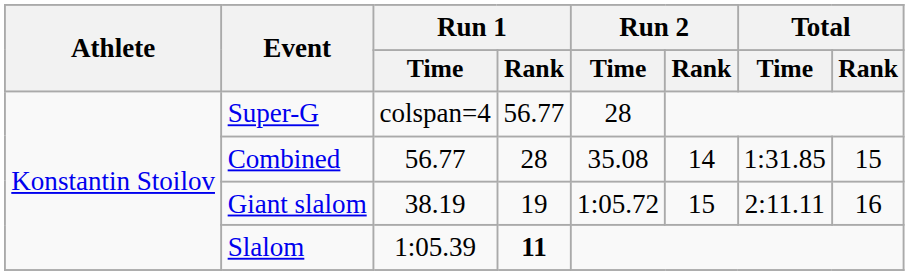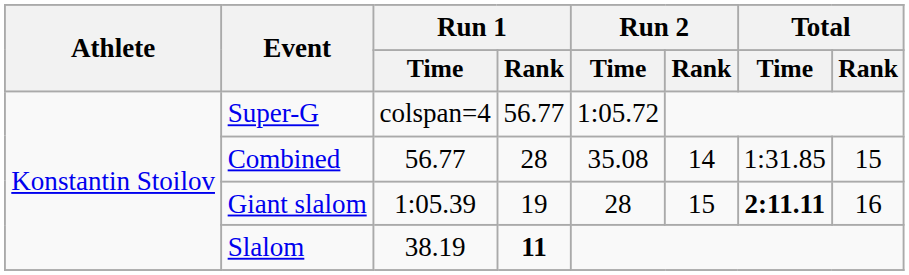 <table class="wikitable" style="font-size:90%">
 <tr>
 <th rowspan=2>Athlete</th>
 <th rowspan=2>Event</th>
 <th colspan=2>Run 1</th>
 <th colspan=2>Run 2</th>
 <th colspan=2>Total</th>
 </tr>
 <tr style="font-size:95%">
 <th>Time</th>
 <th>Rank</th>
 <th>Time</th>
 <th>Rank</th>
 <th>Time</th>
 <th>Rank</th>
 </tr>
 <tr align=center>
 <td align="left" rowspan="4"><a href='#'>Konstantin Stoilov</a></td>
 <td align="left"><a href='#'>Super-G</a></td>
 <td>colspan=4</td>
 <td>56.77</td>
-<td>28</td>
+<td>1:05.72</td>
 </tr>
 <tr align=center>
 <td align="left"><a href='#'>Combined</a></td>
 <td>56.77</td>
 <td>28</td>
 <td>35.08</td>
 <td>14</td>
 <td>1:31.85</td>
 <td>15</td>
 </tr>
 <tr align=center>
 <td align="left"><a href='#'>Giant slalom</a></td>
-<td>38.19</td>
+<td>1:05.39</td>
 <td>19</td>
-<td>1:05.72</td>
+<td>28</td>
 <td>15</td>
-<td>2:11.11</td>
+<td><strong>2:11.11</strong></td>
 <td>16</td>
 </tr>
 <tr align=center>
 <td align="left"><a href='#'>Slalom</a></td>
-<td>1:05.39</td>
+<td>38.19</td>
 <td><strong>11</strong></td>
 <td colspan=4></td>
 </tr>
 </table>
